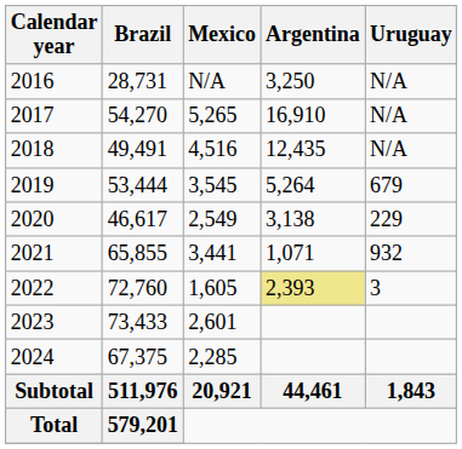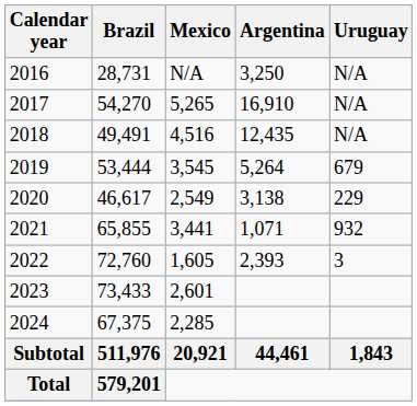 <table class="wikitable">
 <tr>
 <th>Calendar<br>year</th>
 <th>Brazil</th>
 <th>Mexico</th>
 <th>Argentina</th>
 <th>Uruguay</th>
 </tr>
 <tr>
 <td>2016</td>
 <td>28,731</td>
 <td>N/A</td>
 <td>3,250</td>
 <td>N/A</td>
 </tr>
 <tr>
 <td>2017</td>
 <td>54,270</td>
 <td>5,265</td>
 <td>16,910</td>
 <td>N/A</td>
 </tr>
 <tr>
 <td>2018</td>
 <td>49,491</td>
 <td>4,516</td>
 <td>12,435</td>
 <td>N/A</td>
 </tr>
 <tr>
 <td>2019</td>
 <td>53,444</td>
 <td>3,545</td>
 <td>5,264</td>
 <td>679</td>
 </tr>
 <tr>
 <td>2020</td>
 <td>46,617</td>
 <td>2,549</td>
 <td>3,138<br></td>
 <td>229</td>
 </tr>
 <tr>
 <td>2021</td>
 <td>65,855</td>
 <td>3,441</td>
 <td>1,071</td>
 <td>932</td>
 </tr>
 <tr>
 <td>2022</td>
 <td>72,760</td>
 <td>1,605</td>
-<td style="background: khaki;">2,393</td>
+<td>2,393</td>
 <td>3</td>
 </tr>
 <tr>
 <td>2023</td>
 <td>73,433</td>
 <td>2,601</td>
 <td></td>
 <td></td>
 </tr>
 <tr>
 <td>2024</td>
 <td>67,375</td>
 <td>2,285</td>
 <td></td>
 <td></td>
 </tr>
 <tr>
 <th>Subtotal</th>
 <th>511,976</th>
 <th>20,921</th>
 <th>44,461</th>
 <th>1,843</th>
 </tr>
 <tr>
 <th>Total</th>
 <th>579,201</th>
 </tr>
 <tr>
 </tr>
 </table>
